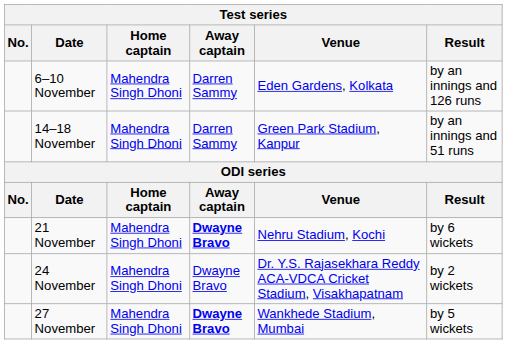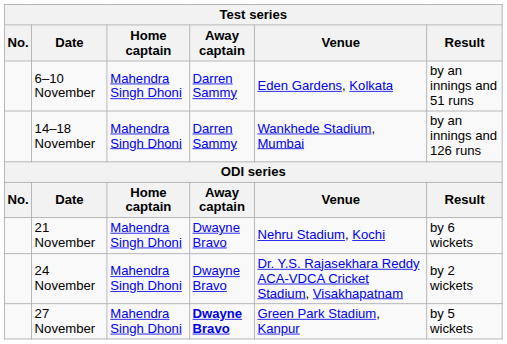 <table class="wikitable">
 <tr>
 <th colspan="9">Test series</th>
 </tr>
 <tr>
 <th>No.</th>
 <th>Date</th>
 <th>Home captain</th>
 <th>Away captain</th>
 <th>Venue</th>
 <th>Result</th>
 </tr>
 <tr>
 <td></td>
 <td>6–10 November</td>
 <td><a href='#'>Mahendra Singh Dhoni</a></td>
 <td><a href='#'>Darren Sammy</a></td>
 <td><a href='#'>Eden Gardens</a>, <a href='#'>Kolkata</a></td>
-<td> by an innings and 126 runs</td>
+<td> by an innings and 51 runs</td>
 </tr>
 <tr>
 <td></td>
 <td>14–18 November</td>
 <td><a href='#'>Mahendra Singh Dhoni</a></td>
 <td><a href='#'>Darren Sammy</a></td>
-<td><a href='#'>Green Park Stadium</a>, <a href='#'>Kanpur</a></td>
-<td> by an innings and 51 runs</td>
+<td><a href='#'>Wankhede Stadium</a>, <a href='#'>Mumbai</a></td>
+<td> by an innings and 126 runs</td>
 </tr>
 <tr>
 <th colspan="9">ODI series</th>
 </tr>
 <tr>
 <th>No.</th>
 <th>Date</th>
 <th>Home captain</th>
 <th>Away captain</th>
 <th>Venue</th>
 <th>Result</th>
 </tr>
 <tr>
 <td></td>
 <td>21 November</td>
 <td><a href='#'>Mahendra Singh Dhoni</a></td>
-<td><strong><a href='#'>Dwayne Bravo</a></strong></td>
+<td><a href='#'>Dwayne Bravo</a></td>
 <td><a href='#'>Nehru Stadium</a>, <a href='#'>Kochi</a></td>
 <td> by 6 wickets</td>
 </tr>
 <tr>
 <td></td>
 <td>24 November</td>
 <td><a href='#'>Mahendra Singh Dhoni</a></td>
 <td><a href='#'>Dwayne Bravo</a></td>
 <td><a href='#'>Dr. Y.S. Rajasekhara Reddy ACA-VDCA Cricket Stadium</a>, <a href='#'>Visakhapatnam</a></td>
 <td> by 2 wickets</td>
 </tr>
 <tr>
 <td></td>
 <td>27 November</td>
 <td><a href='#'>Mahendra Singh Dhoni</a></td>
 <td><strong><a href='#'>Dwayne Bravo</a></strong></td>
-<td><a href='#'>Wankhede Stadium</a>, <a href='#'>Mumbai</a></td>
+<td><a href='#'>Green Park Stadium</a>, <a href='#'>Kanpur</a></td>
 <td> by 5 wickets</td>
 </tr>
 </table>
